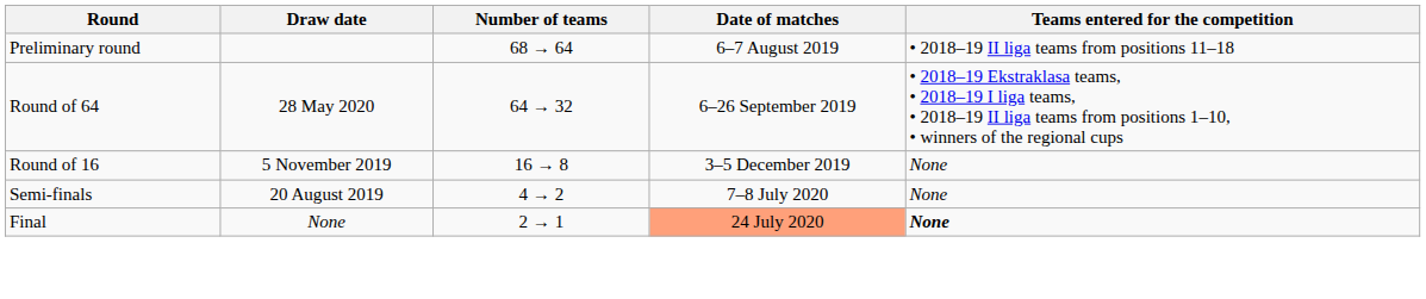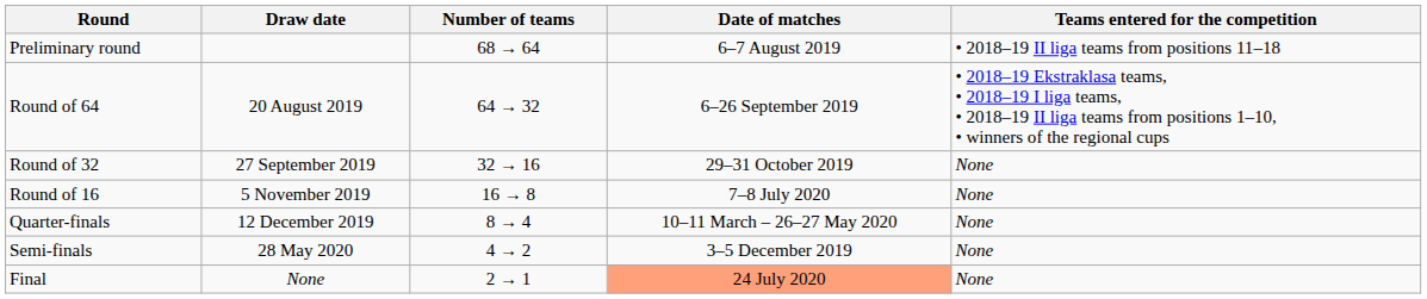 <table class="wikitable" style="width:100%; text–align:right">
 <tr>
 <th>Round</th>
 <th>Draw date</th>
 <th>Number of teams</th>
 <th>Date of matches</th>
 <th>Teams entered for the competition</th>
 </tr>
 <tr>
 <td align="left">Preliminary round</td>
 <td></td>
 <td align="center">68 → 64</td>
 <td align="center">6–7 August 2019</td>
 <td align="left">• 2018–19 <a href='#'>II liga</a> teams from positions 11–18</td>
 </tr>
 <tr>
 <td align="left">Round of 64</td>
-<td align="center">28 May 2020</td>
+<td align="center">20 August 2019</td>
 <td align="center">64 → 32</td>
 <td align="center">6–26 September 2019</td>
 <td align="left">• <a href='#'>2018–19 Ekstraklasa</a> teams,<br>• <a href='#'>2018–19 I liga</a> teams,<br>• 2018–19 <a href='#'>II liga</a> teams from positions 1–10,<br>• winners of the regional cups</td>
 </tr>
 <tr>
+<td align="left">Round of 32</td>
+<td align="center">27 September 2019</td>
+<td align="center">32 → 16</td>
+<td align="center">29–31 October 2019</td>
+<td><em>None</em></td>
+</tr>
+<tr>
 <td align="left">Round of 16</td>
 <td align="center">5 November 2019</td>
 <td align="center">16 → 8</td>
-<td align="center">3–5 December 2019</td>
+<td align="center">7–8 July 2020</td>
+<td><em>None</em></td>
+</tr>
+<tr>
+<td align="left">Quarter-finals</td>
+<td align="center">12 December 2019</td>
+<td align="center">8 → 4</td>
+<td align="center">10–11 March – 26–27 May 2020</td>
 <td><em>None</em></td>
 </tr>
 <tr>
 <td align="left">Semi-finals</td>
-<td align="center">20 August 2019</td>
+<td align="center">28 May 2020</td>
 <td align="center">4 → 2</td>
-<td align="center">7–8 July 2020</td>
+<td align="center">3–5 December 2019</td>
 <td><em>None</em></td>
 </tr>
 <tr>
 <td align="left">Final</td>
 <td align="center"><em>None</em></td>
 <td align="center">2 → 1</td>
 <td align="center" style="background: lightsalmon;">24 July 2020</td>
-<td><strong><em>None</em></strong></td>
+<td><em>None</em></td>
 </tr>
 </table>
